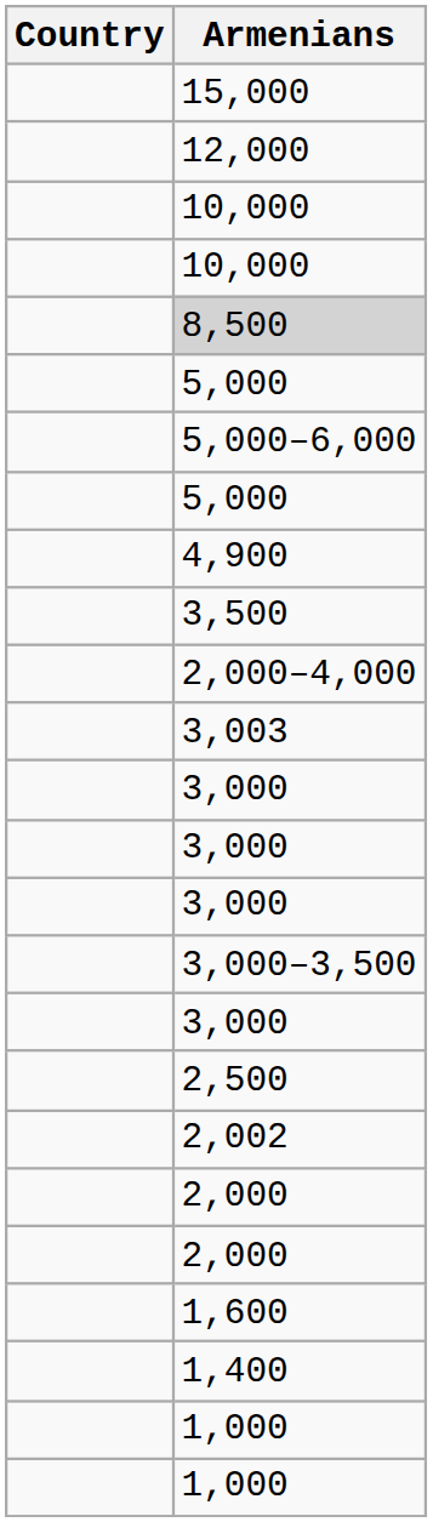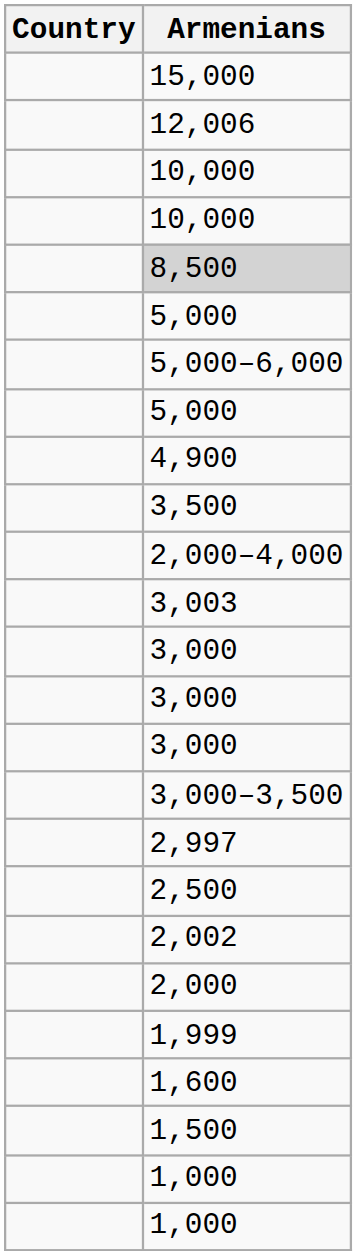 <table class="wikitable">
 <tr>
 <th>Country</th>
 <th>Armenians</th>
 </tr>
 <tr>
 <td></td>
 <td>15,000</td>
 </tr>
 <tr>
 <td></td>
-<td>12,000</td>
+<td>12,006</td>
 </tr>
 <tr>
 <td></td>
 <td>10,000</td>
 </tr>
 <tr>
 <td></td>
 <td>10,000</td>
 </tr>
 <tr>
 <td></td>
 <td style="background: lightgrey;">8,500</td>
 </tr>
 <tr>
 <td></td>
 <td>5,000</td>
 </tr>
 <tr>
 <td></td>
 <td>5,000–6,000</td>
 </tr>
 <tr>
 <td></td>
 <td>5,000</td>
 </tr>
 <tr>
 <td></td>
 <td>4,900</td>
 </tr>
 <tr>
 <td></td>
 <td>3,500</td>
 </tr>
 <tr>
 <td></td>
 <td>2,000–4,000</td>
 </tr>
 <tr>
 <td></td>
 <td>3,003</td>
 </tr>
 <tr>
 <td></td>
 <td>3,000</td>
 </tr>
 <tr>
 <td></td>
 <td>3,000</td>
 </tr>
 <tr>
 <td></td>
 <td>3,000</td>
 </tr>
 <tr>
 <td></td>
 <td>3,000–3,500</td>
 </tr>
 <tr>
 <td></td>
-<td>3,000</td>
+<td>2,997</td>
 </tr>
 <tr>
 <td></td>
 <td>2,500</td>
 </tr>
 <tr>
 <td></td>
 <td>2,002</td>
 </tr>
 <tr>
 <td></td>
 <td>2,000</td>
 </tr>
 <tr>
 <td></td>
-<td>2,000</td>
+<td>1,999</td>
 </tr>
 <tr>
 <td></td>
 <td>1,600</td>
 </tr>
 <tr>
 <td></td>
-<td>1,400</td>
+<td>1,500</td>
 </tr>
 <tr>
 <td></td>
 <td>1,000</td>
 </tr>
 <tr>
 <td></td>
 <td>1,000</td>
 </tr>
 <tr>
 </tr>
 </table>
